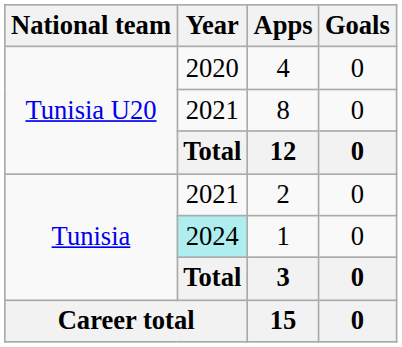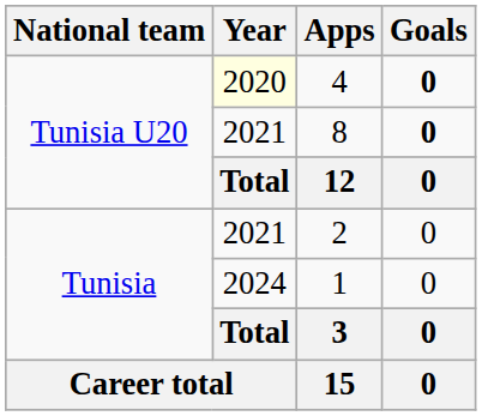 <table class="wikitable" style="text-align:center">
 <tr>
 <th>National team</th>
 <th>Year</th>
 <th>Apps</th>
 <th>Goals</th>
 </tr>
 <tr>
 <td rowspan=3><a href='#'>Tunisia U20</a></td>
-<td>2020</td>
+<td style="background: lightyellow;">2020</td>
 <td>4</td>
-<td>0</td>
+<td><strong>0</strong></td>
 </tr>
 <tr>
 <td>2021</td>
 <td>8</td>
-<td>0</td>
+<td><strong>0</strong></td>
 </tr>
 <tr>
 <th>Total</th>
 <th>12</th>
 <th>0</th>
 </tr>
 <tr>
 <td rowspan=3><a href='#'>Tunisia</a></td>
 <td>2021</td>
 <td>2</td>
 <td>0</td>
 </tr>
 <tr>
-<td style="background: paleturquoise;">2024</td>
+<td>2024</td>
 <td>1</td>
 <td>0</td>
 </tr>
 <tr>
 <th>Total</th>
 <th>3</th>
 <th>0</th>
 </tr>
 <tr>
 <th colspan=2>Career total</th>
 <th>15</th>
 <th>0</th>
 </tr>
 </table>
